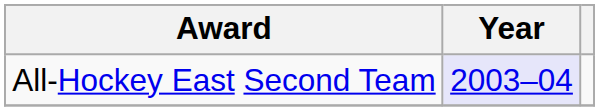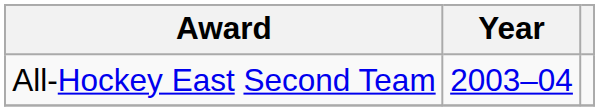 <table class="wikitable">
 <tr>
 <th>Award</th>
 <th>Year</th>
 <th></th>
 </tr>
 <tr>
 <td>All-<a href='#'>Hockey East</a> <a href='#'>Second Team</a></td>
-<td style="background: lavender;"><a href='#'>2003–04</a></td>
+<td><a href='#'>2003–04</a></td>
 <td></td>
 </tr>
 <tr>
 </tr>
 </table>
